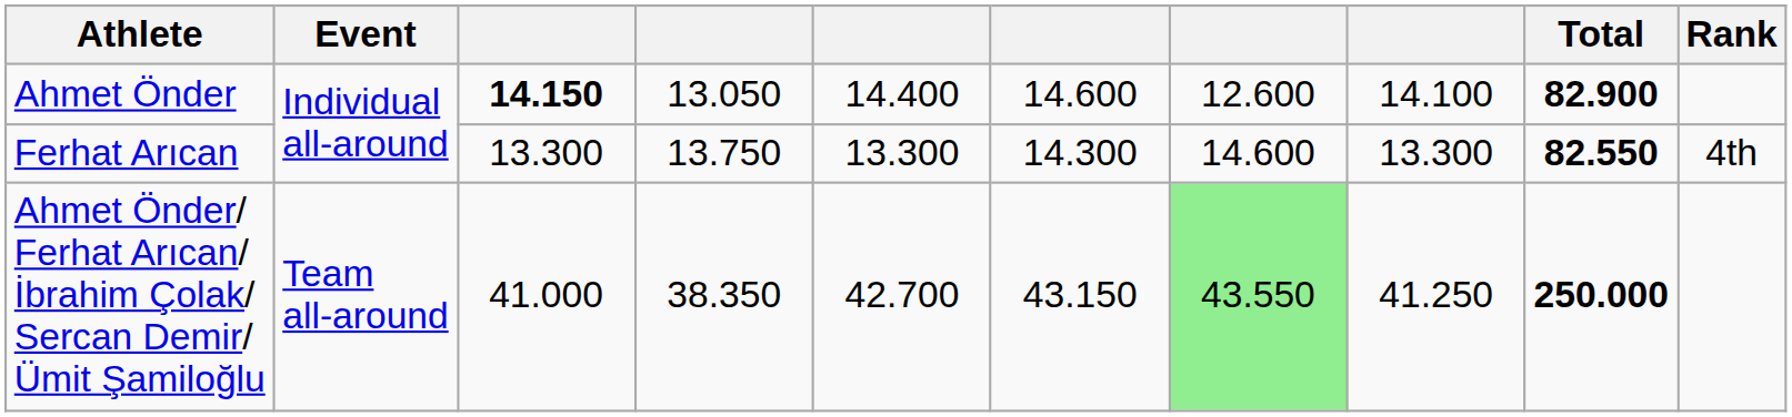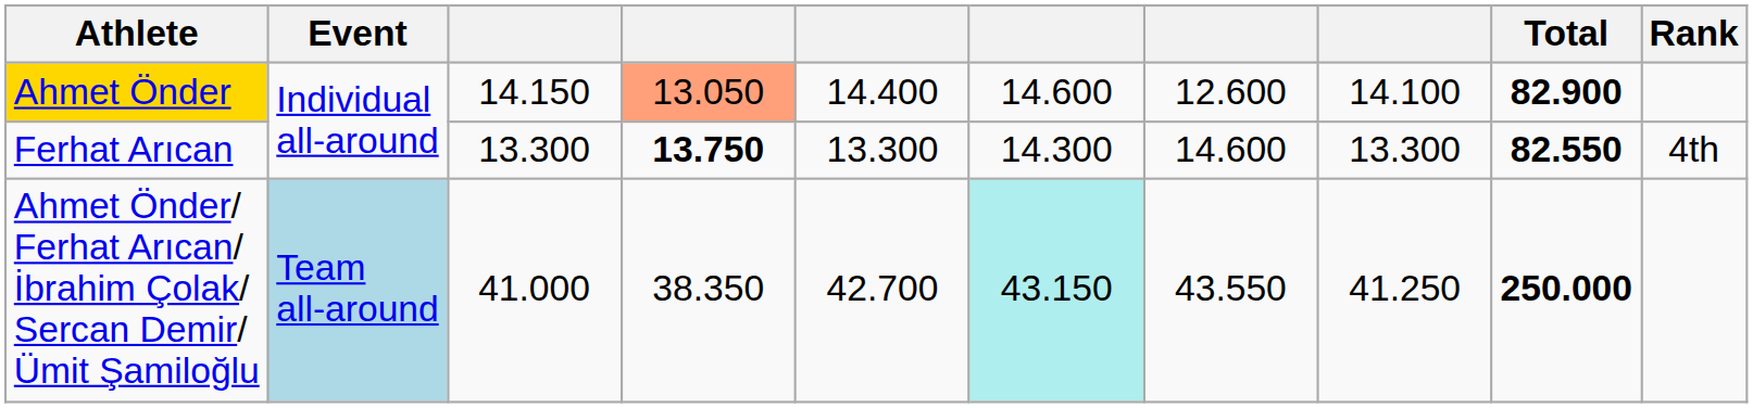 <table class="wikitable">
 <tr>
 <th>Athlete</th>
 <th>Event</th>
 <th width="10%"></th>
 <th width="10%"></th>
 <th width="10%"></th>
 <th width="10%"></th>
 <th width="10%"></th>
 <th width="10%"></th>
 <th>Total</th>
 <th>Rank</th>
 </tr>
 <tr align=center>
-<td align=left><a href='#'>Ahmet Önder</a></td>
+<td align=left style="background: gold;"><a href='#'>Ahmet Önder</a></td>
 <td align=left rowspan=2><a href='#'>Individual<br>all-around</a></td>
-<td><strong>14.150</strong></td>
-<td>13.050</td>
+<td>14.150</td>
+<td style="background: lightsalmon;">13.050</td>
 <td>14.400</td>
 <td>14.600</td>
 <td>12.600</td>
 <td>14.100</td>
 <td><strong>82.900</strong></td>
 <td></td>
 </tr>
 <tr align=center>
 <td align=left><a href='#'>Ferhat Arıcan</a></td>
 <td>13.300</td>
-<td>13.750</td>
+<td><strong>13.750</strong></td>
 <td>13.300</td>
 <td>14.300</td>
 <td>14.600</td>
 <td>13.300</td>
 <td><strong>82.550</strong></td>
 <td>4th</td>
 </tr>
 <tr align=center>
 <td align=left><a href='#'>Ahmet Önder</a>/<br><a href='#'>Ferhat Arıcan</a>/<br><a href='#'>İbrahim Çolak</a>/<br><a href='#'>Sercan Demir</a>/<br><a href='#'>Ümit Şamiloğlu</a></td>
-<td align=left><a href='#'>Team<br>all-around</a></td>
+<td align=left style="background: lightblue;"><a href='#'>Team<br>all-around</a></td>
 <td>41.000</td>
 <td>38.350</td>
 <td>42.700</td>
-<td>43.150</td>
-<td style="background: lightgreen;">43.550</td>
+<td style="background: paleturquoise;">43.150</td>
+<td>43.550</td>
 <td>41.250</td>
 <td><strong>250.000</strong></td>
 <td></td>
 </tr>
 </table>
